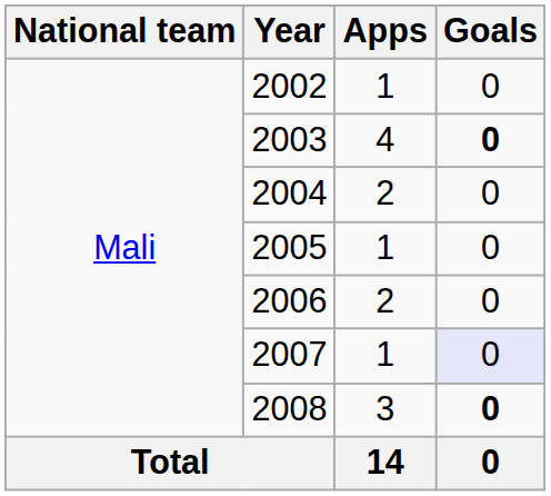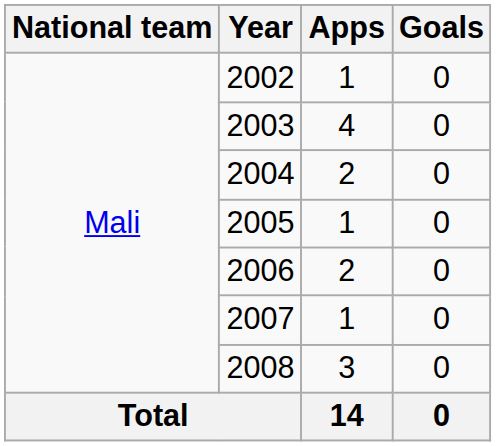 <table class="wikitable" style="text-align:center">
 <tr>
 <th>National team</th>
 <th>Year</th>
 <th>Apps</th>
 <th>Goals</th>
 </tr>
 <tr>
 <td rowspan="7"><a href='#'>Mali</a></td>
 <td>2002</td>
 <td>1</td>
 <td>0</td>
 </tr>
 <tr>
 <td>2003</td>
 <td>4</td>
-<td><strong>0</strong></td>
+<td>0</td>
 </tr>
 <tr>
 <td>2004</td>
 <td>2</td>
 <td>0</td>
 </tr>
 <tr>
 <td>2005</td>
 <td>1</td>
 <td>0</td>
 </tr>
 <tr>
 <td>2006</td>
 <td>2</td>
 <td>0</td>
 </tr>
 <tr>
 <td>2007</td>
 <td>1</td>
-<td style="background: lavender;">0</td>
+<td>0</td>
 </tr>
 <tr>
 <td>2008</td>
 <td>3</td>
-<td><strong>0</strong></td>
+<td>0</td>
 </tr>
 <tr>
 <th colspan="2">Total</th>
 <th>14</th>
 <th>0</th>
 </tr>
 </table>
